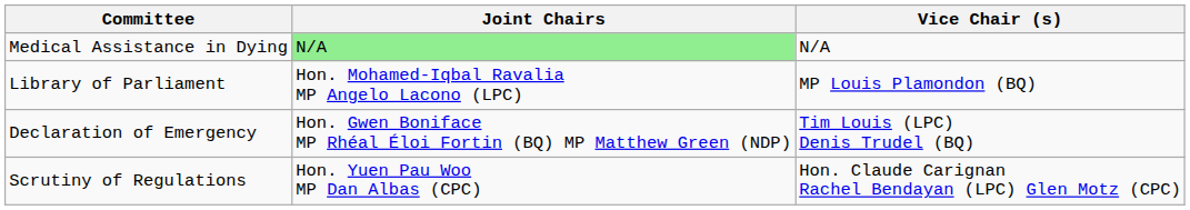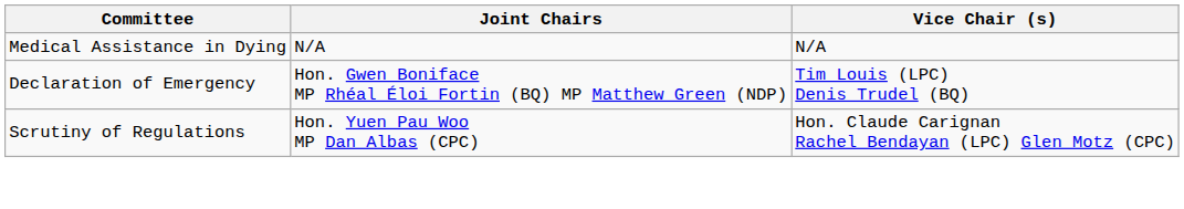 <table class="wikitable">
 <tr>
 <th>Committee</th>
 <th>Joint Chairs</th>
 <th>Vice Chair (s)</th>
 </tr>
 <tr>
 <td>Medical Assistance in Dying</td>
-<td style="background: lightgreen;">N/A</td>
 <td>N/A</td>
-</tr>
-<tr>
-<td>Library of Parliament</td>
-<td><abbr>Hon.</abbr> <a href='#'>Mohamed-Iqbal Ravalia</a><br>MP <a href='#'>Angelo Lacono</a> (LPC)</td>
-<td>MP <a href='#'>Louis Plamondon</a> (BQ)</td>
+<td>N/A</td>
 </tr>
 <tr>
 <td>Declaration of Emergency</td>
 <td><abbr>Hon.</abbr> <a href='#'>Gwen Boniface</a><br>MP <a href='#'>Rhéal Éloi Fortin</a> (BQ)  MP <a href='#'>Matthew Green</a> (NDP)</td>
 <td><a href='#'>Tim Louis</a> (LPC)<br><a href='#'>Denis Trudel</a> (BQ)</td>
 </tr>
 <tr>
 <td>Scrutiny of Regulations</td>
 <td><abbr>Hon.</abbr> <a href='#'>Yuen Pau Woo</a><br>MP <a href='#'>Dan Albas</a> (CPC)</td>
 <td><abbr>Hon.</abbr> Claude Carignan<br><a href='#'>Rachel Bendayan</a> (LPC) <a href='#'>Glen Motz</a> (CPC)</td>
 </tr>
 </table>
